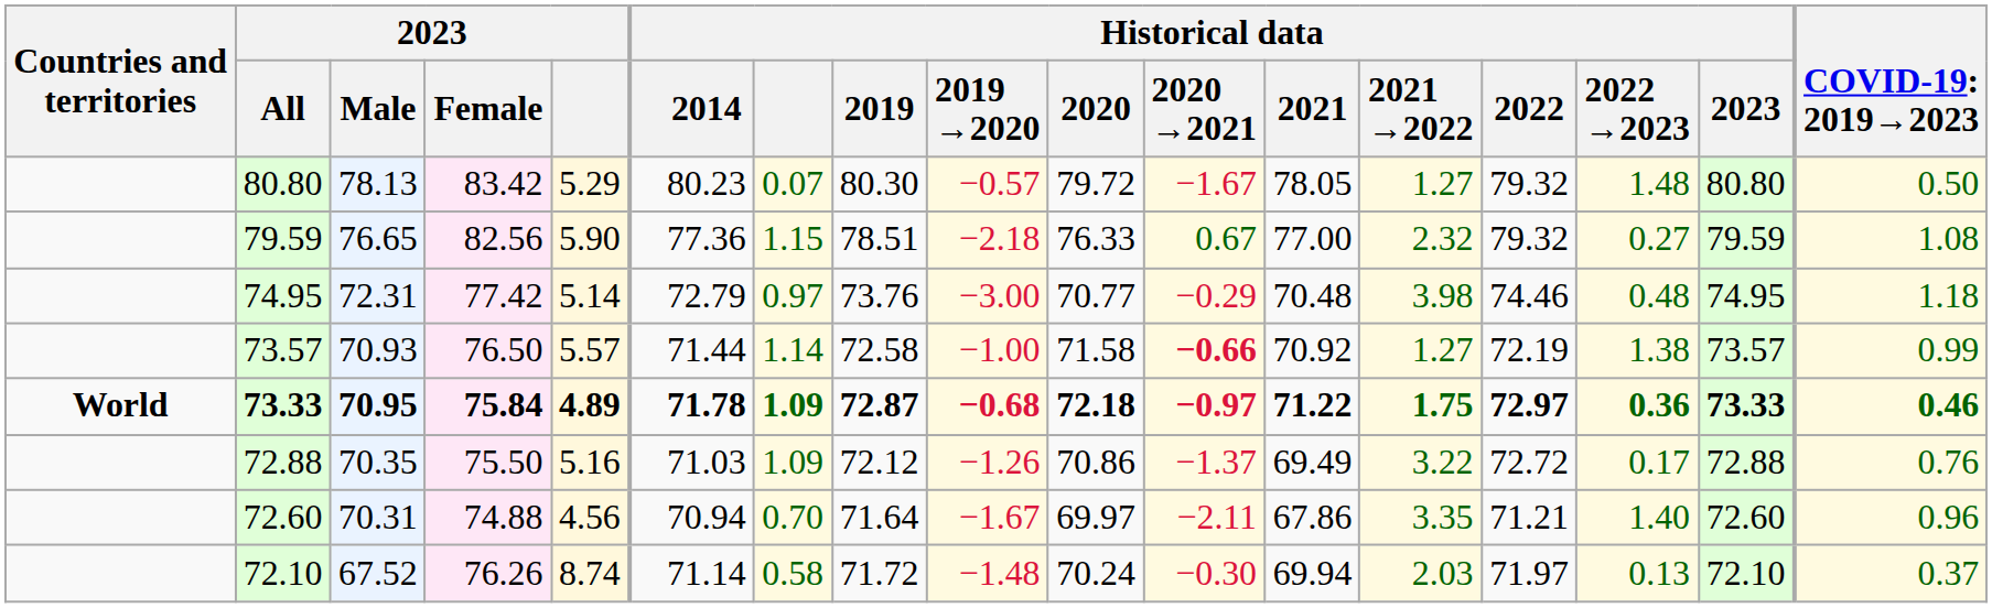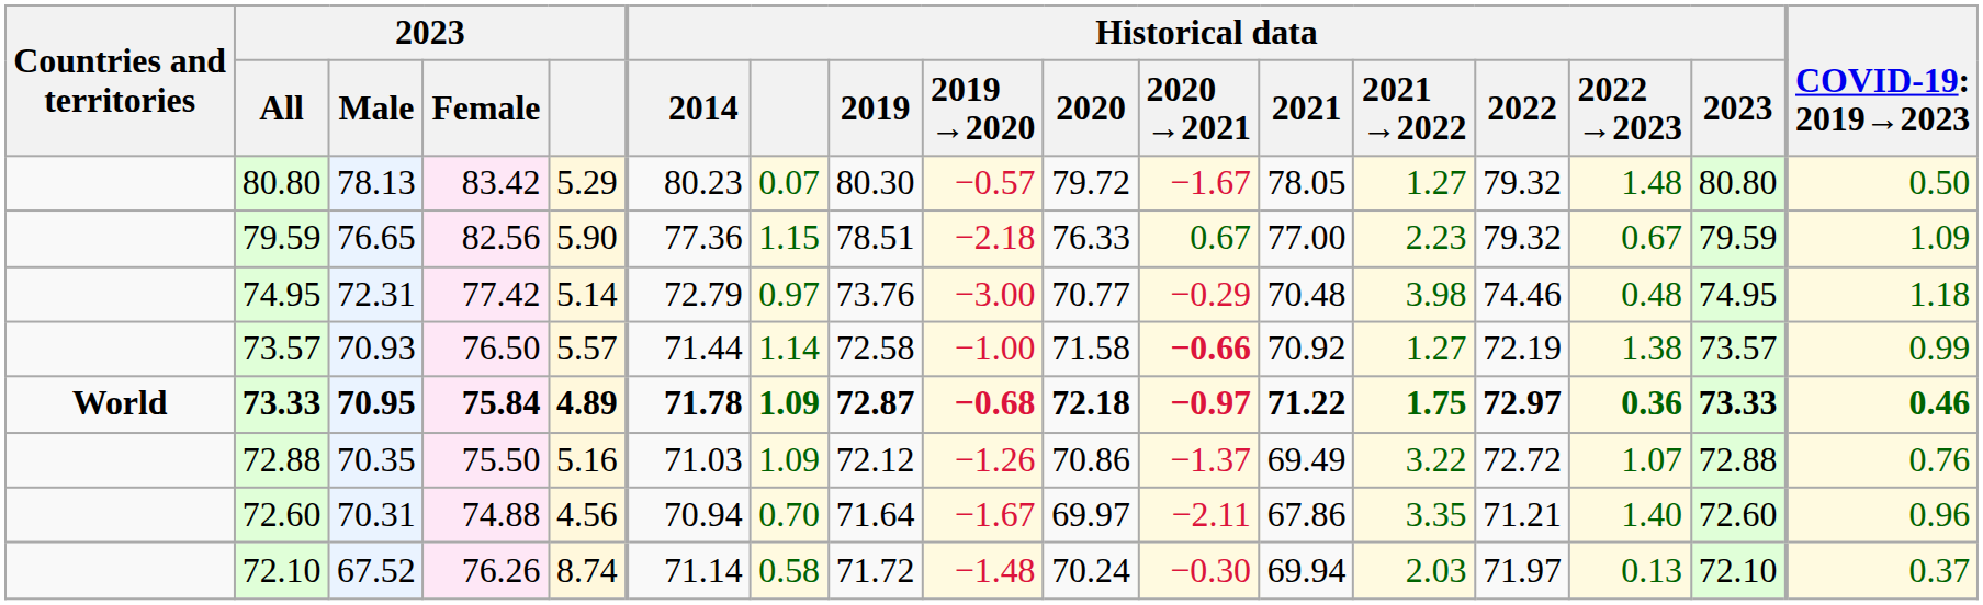 <table class="wikitable sortable mw-datatable static-row-numbers sort-under sticky-table-head sticky-table-col1 col1left col2center col3center col4center col5center col6center col8center col10center col12center col14center col16center" style=text-align:right;>
 <tr class="sortbottom static-row-header">
 <th rowspan=2 style="vertical-align:middle;">Countries and<br>territories</th>
 <th colspan=4>2023</th>
 <th colspan=11 style="border-left-width:2px;">Historical data</th>
 <th rowspan=2 style="border-left-width:2px; text-align:middle;"><br><a href='#'>COVID-19</a>:<br>2019→2023</th>
 </tr>
 <tr class="sortbottom static-row-header">
 <th style="vertical-align:middle;" class=sticky-table-none>All</th>
 <th style="vertical-align:middle;">Male</th>
 <th style="vertical-align:middle;">Female</th>
 <th style="vertical-align:middle;"></th>
 <th style="border-left-width:2px; vertical-align:middle; padding-left:1em;">2014</th>
 <th style="text-align:left;"></th>
 <th style="vertical-align:middle;">2019</th>
 <th style="text-align:left;">2019<br>→2020</th>
 <th style="vertical-align:middle;">2020</th>
 <th style="text-align:left;">2020<br>→2021</th>
 <th style="vertical-align:middle;">2021</th>
 <th style="text-align:left;">2021<br>→2022</th>
 <th style="vertical-align:middle;">2022</th>
 <th style="text-align:left;">2022<br>→2023</th>
 <th style="vertical-align:middle;">2023</th>
 </tr>
 <tr>
 <td></td>
 <td style="background:#e0ffd8;">80.80</td>
 <td style="background:#eaf3ff;">78.13</td>
 <td style="background:#fee7f6;">83.42</td>
 <td style="background:#fff8dc;">5.29</td>
 <td style="border-left-width:2px; padding-left:1em;">80.23</td>
 <td style="background:#fffae0;color:darkgreen;">0.07</td>
 <td>80.30</td>
 <td style="background:#fffae0;color:crimson;">−0.57</td>
 <td>79.72</td>
 <td style="background:#fffae0;color:crimson;">−1.67</td>
 <td>78.05</td>
 <td style="background:#fffae0;color:darkgreen;">1.27</td>
 <td>79.32</td>
 <td style="background:#fffae0;color:darkgreen;">1.48</td>
 <td style="background:#e0ffd8;">80.80</td>
 <td style="background:#fffae0;border-left-width:2px;color:darkgreen;">0.50</td>
 </tr>
 <tr>
 <td></td>
 <td style="background:#e0ffd8;">79.59</td>
 <td style="background:#eaf3ff;">76.65</td>
 <td style="background:#fee7f6;">82.56</td>
 <td style="background:#fff8dc;">5.90</td>
 <td style="border-left-width:2px; padding-left:1em;">77.36</td>
 <td style="background:#fffae0;color:darkgreen;">1.15</td>
 <td>78.51</td>
 <td style="background:#fffae0;color:crimson;">−2.18</td>
 <td>76.33</td>
 <td style="background:#fffae0;color:darkgreen;">0.67</td>
 <td>77.00</td>
-<td style="background:#fffae0;color:darkgreen;">2.32</td>
+<td style="background:#fffae0;color:darkgreen;">2.23</td>
 <td>79.32</td>
-<td style="background:#fffae0;color:darkgreen;">0.27</td>
+<td style="background:#fffae0;color:darkgreen;">0.67</td>
 <td style="background:#e0ffd8;">79.59</td>
-<td style="background:#fffae0;border-left-width:2px;color:darkgreen;">1.08</td>
+<td style="background:#fffae0;border-left-width:2px;color:darkgreen;">1.09</td>
 </tr>
 <tr>
 <td></td>
 <td style="background:#e0ffd8;">74.95</td>
 <td style="background:#eaf3ff;">72.31</td>
 <td style="background:#fee7f6;">77.42</td>
 <td style="background:#fff8dc;">5.14</td>
 <td style="border-left-width:2px; padding-left:1em;">72.79</td>
 <td style="background:#fffae0;color:darkgreen;">0.97</td>
 <td>73.76</td>
 <td style="background:#fffae0;color:crimson;">−3.00</td>
 <td>70.77</td>
 <td style="background:#fffae0;color:crimson;">−0.29</td>
 <td>70.48</td>
 <td style="background:#fffae0;color:darkgreen;">3.98</td>
 <td>74.46</td>
 <td style="background:#fffae0;color:darkgreen;">0.48</td>
 <td style="background:#e0ffd8;">74.95</td>
 <td style="background:#fffae0;border-left-width:2px;color:darkgreen;">1.18</td>
 </tr>
 <tr>
 <td></td>
 <td style="background:#e0ffd8;">73.57</td>
 <td style="background:#eaf3ff;">70.93</td>
 <td style="background:#fee7f6;">76.50</td>
 <td style="background:#fff8dc;">5.57</td>
 <td style="border-left-width:2px; padding-left:1em;">71.44</td>
 <td style="background:#fffae0;color:darkgreen;">1.14</td>
 <td>72.58</td>
 <td style="background:#fffae0;color:crimson;">−1.00</td>
 <td>71.58</td>
 <td style="background:#fffae0;color:crimson;"><strong>−0.66</strong></td>
 <td>70.92</td>
 <td style="background:#fffae0;color:darkgreen;">1.27</td>
 <td>72.19</td>
 <td style="background:#fffae0;color:darkgreen;">1.38</td>
 <td style="background:#e0ffd8;">73.57</td>
 <td style="background:#fffae0;border-left-width:2px;color:darkgreen;">0.99</td>
 </tr>
 <tr class=static-row-header>
 <td style="text-align:center;"><strong>World</strong></td>
 <td style="background:#e0ffd8;"><strong>73.33</strong></td>
 <td style="background:#eaf3ff;"><strong>70.95</strong></td>
 <td style="background:#fee7f6;"><strong>75.84</strong></td>
 <td style="background:#fff8dc;"><strong>4.89</strong></td>
 <td style="border-left-width:2px;padding-left:1em;"><strong>71.78</strong></td>
 <td style="background:#fffae0;color:darkgreen;"><strong>1.09</strong></td>
 <td><strong>72.87</strong></td>
 <td style="background:#fffae0;color:crimson;"><strong>−0.68</strong></td>
 <td><strong>72.18</strong></td>
 <td style="background:#fffae0;color:crimson;"><strong>−0.97</strong></td>
 <td><strong>71.22</strong></td>
 <td style="background:#fffae0;color:darkgreen;"><strong>1.75</strong></td>
 <td><strong>72.97</strong></td>
 <td style="background:#fffae0;color:darkgreen;"><strong>0.36</strong></td>
 <td style="background:#e0ffd8;"><strong>73.33</strong></td>
 <td style="background:#fffae0;border-left-width:2px;color:darkgreen;"><strong>0.46</strong></td>
 </tr>
 <tr>
 <td></td>
 <td style="background:#e0ffd8;">72.88</td>
 <td style="background:#eaf3ff;">70.35</td>
 <td style="background:#fee7f6;">75.50</td>
 <td style="background:#fff8dc;">5.16</td>
 <td style="border-left-width:2px; padding-left:1em;">71.03</td>
 <td style="background:#fffae0;color:darkgreen;">1.09</td>
 <td>72.12</td>
 <td style="background:#fffae0;color:crimson;">−1.26</td>
 <td>70.86</td>
 <td style="background:#fffae0;color:crimson;">−1.37</td>
 <td>69.49</td>
 <td style="background:#fffae0;color:darkgreen;">3.22</td>
 <td>72.72</td>
-<td style="background:#fffae0;color:darkgreen;">0.17</td>
+<td style="background:#fffae0;color:darkgreen;">1.07</td>
 <td style="background:#e0ffd8;">72.88</td>
 <td style="background:#fffae0;border-left-width:2px;color:darkgreen;">0.76</td>
 </tr>
 <tr>
 <td></td>
 <td style="background:#e0ffd8;">72.60</td>
 <td style="background:#eaf3ff;">70.31</td>
 <td style="background:#fee7f6;">74.88</td>
 <td style="background:#fff8dc;">4.56</td>
 <td style="border-left-width:2px; padding-left:1em;">70.94</td>
 <td style="background:#fffae0;color:darkgreen;">0.70</td>
 <td>71.64</td>
 <td style="background:#fffae0;color:crimson;">−1.67</td>
 <td>69.97</td>
 <td style="background:#fffae0;color:crimson;">−2.11</td>
 <td>67.86</td>
 <td style="background:#fffae0;color:darkgreen;">3.35</td>
 <td>71.21</td>
 <td style="background:#fffae0;color:darkgreen;">1.40</td>
 <td style="background:#e0ffd8;">72.60</td>
 <td style="background:#fffae0;border-left-width:2px;color:darkgreen;">0.96</td>
 </tr>
 <tr>
 <td></td>
 <td style="background:#e0ffd8;">72.10</td>
 <td style="background:#eaf3ff;">67.52</td>
 <td style="background:#fee7f6;">76.26</td>
 <td style="background:#fff8dc;">8.74</td>
 <td style="border-left-width:2px; padding-left:1em;">71.14</td>
 <td style="background:#fffae0;color:darkgreen;">0.58</td>
 <td>71.72</td>
 <td style="background:#fffae0;color:crimson;">−1.48</td>
 <td>70.24</td>
 <td style="background:#fffae0;color:crimson;">−0.30</td>
 <td>69.94</td>
 <td style="background:#fffae0;color:darkgreen;">2.03</td>
 <td>71.97</td>
 <td style="background:#fffae0;color:darkgreen;">0.13</td>
 <td style="background:#e0ffd8;">72.10</td>
 <td style="background:#fffae0;border-left-width:2px;color:darkgreen;">0.37</td>
 </tr>
 </table>
